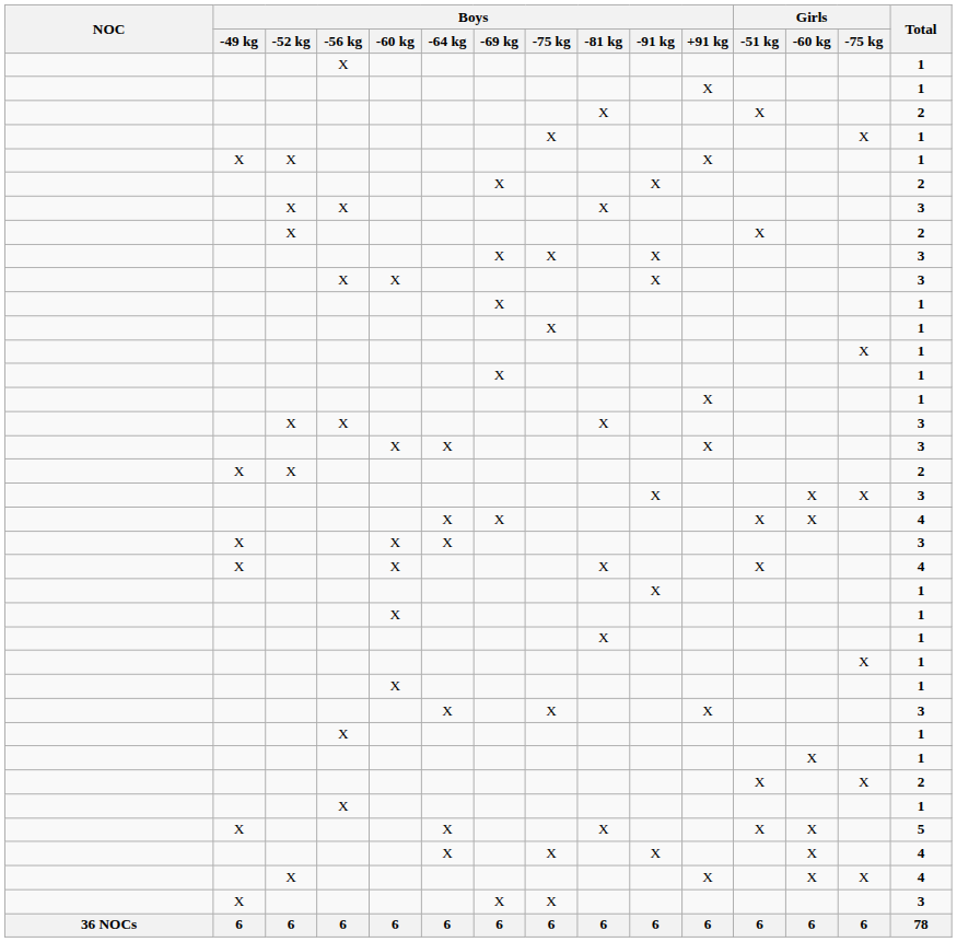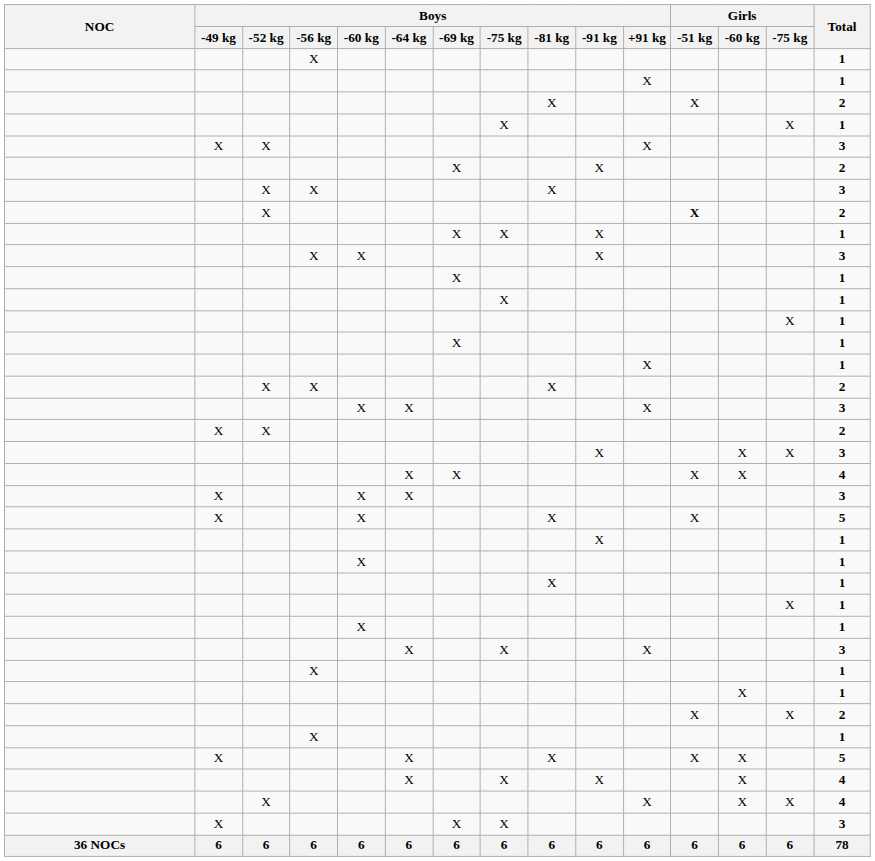 <table class="wikitable" style="text-align:center; font-size:90%">
 <tr>
 <th rowspan="2" width=200 align="left">NOC</th>
 <th colspan="10">Boys</th>
 <th colspan="3">Girls</th>
 <th width=55 rowspan="2">Total</th>
 </tr>
 <tr>
 <th width=45>-49 kg</th>
 <th width=45>-52 kg</th>
 <th width=45>-56 kg</th>
 <th width=45>-60 kg</th>
 <th width=45>-64 kg</th>
 <th width=45>-69 kg</th>
 <th width=45>-75 kg</th>
 <th width=45>-81 kg</th>
 <th width=45>-91 kg</th>
 <th width=45>+91 kg</th>
 <th width=45>-51 kg</th>
 <th width=45>-60 kg</th>
 <th width=45>-75 kg</th>
 </tr>
 <tr>
 <td align="left"></td>
 <td></td>
 <td></td>
 <td>X</td>
 <td></td>
 <td></td>
 <td></td>
 <td></td>
 <td></td>
 <td></td>
 <td></td>
 <td></td>
 <td></td>
 <td></td>
 <td><strong>1</strong></td>
 </tr>
 <tr>
 <td align="left"></td>
 <td></td>
 <td></td>
 <td></td>
 <td></td>
 <td></td>
 <td></td>
 <td></td>
 <td></td>
 <td></td>
 <td>X</td>
 <td></td>
 <td></td>
 <td></td>
 <td><strong>1</strong></td>
 </tr>
 <tr>
 <td align="left"></td>
 <td></td>
 <td></td>
 <td></td>
 <td></td>
 <td></td>
 <td></td>
 <td></td>
 <td>X</td>
 <td></td>
 <td></td>
 <td>X</td>
 <td></td>
 <td></td>
 <td><strong>2</strong></td>
 </tr>
 <tr>
 <td align="left"></td>
 <td></td>
 <td></td>
 <td></td>
 <td></td>
 <td></td>
 <td></td>
 <td>X</td>
 <td></td>
 <td></td>
 <td></td>
 <td></td>
 <td></td>
 <td>X</td>
 <td><strong>1</strong></td>
 </tr>
 <tr>
 <td align="left"></td>
 <td>X</td>
 <td>X</td>
 <td></td>
 <td></td>
 <td></td>
 <td></td>
 <td></td>
 <td></td>
 <td></td>
 <td>X</td>
 <td></td>
 <td></td>
 <td></td>
-<td><strong>1</strong></td>
+<td><strong>3</strong></td>
 </tr>
 <tr>
 <td align="left"></td>
 <td></td>
 <td></td>
 <td></td>
 <td></td>
 <td></td>
 <td>X</td>
 <td></td>
 <td></td>
 <td>X</td>
 <td></td>
 <td></td>
 <td></td>
 <td></td>
 <td><strong>2</strong></td>
 </tr>
 <tr>
 <td align="left"></td>
 <td></td>
 <td>X</td>
 <td>X</td>
 <td></td>
 <td></td>
 <td></td>
 <td></td>
 <td>X</td>
 <td></td>
 <td></td>
 <td></td>
 <td></td>
 <td></td>
 <td><strong>3</strong></td>
 </tr>
 <tr>
 <td align="left"></td>
 <td></td>
 <td>X</td>
 <td></td>
 <td></td>
 <td></td>
 <td></td>
 <td></td>
 <td></td>
 <td></td>
 <td></td>
-<td>X</td>
+<td><strong>X</strong></td>
 <td></td>
 <td></td>
 <td><strong>2</strong></td>
 </tr>
 <tr>
 <td align="left"></td>
 <td></td>
 <td></td>
 <td></td>
 <td></td>
 <td></td>
 <td>X</td>
 <td>X</td>
 <td></td>
 <td>X</td>
 <td></td>
 <td></td>
 <td></td>
 <td></td>
-<td><strong>3</strong></td>
+<td><strong>1</strong></td>
 </tr>
 <tr>
 <td align="left"></td>
 <td></td>
 <td></td>
 <td>X</td>
 <td>X</td>
 <td></td>
 <td></td>
 <td></td>
 <td></td>
 <td>X</td>
 <td></td>
 <td></td>
 <td></td>
 <td></td>
 <td><strong>3</strong></td>
 </tr>
 <tr>
 <td align="left"></td>
 <td></td>
 <td></td>
 <td></td>
 <td></td>
 <td></td>
 <td>X</td>
 <td></td>
 <td></td>
 <td></td>
 <td></td>
 <td></td>
 <td></td>
 <td></td>
 <td><strong>1</strong></td>
 </tr>
 <tr>
 <td align="left"></td>
 <td></td>
 <td></td>
 <td></td>
 <td></td>
 <td></td>
 <td></td>
 <td>X</td>
 <td></td>
 <td></td>
 <td></td>
 <td></td>
 <td></td>
 <td></td>
 <td><strong>1</strong></td>
 </tr>
 <tr>
 <td align="left"></td>
 <td></td>
 <td></td>
 <td></td>
 <td></td>
 <td></td>
 <td></td>
 <td></td>
 <td></td>
 <td></td>
 <td></td>
 <td></td>
 <td></td>
 <td>X</td>
 <td><strong>1</strong></td>
 </tr>
 <tr>
 <td align="left"></td>
 <td></td>
 <td></td>
 <td></td>
 <td></td>
 <td></td>
 <td>X</td>
 <td></td>
 <td></td>
 <td></td>
 <td></td>
 <td></td>
 <td></td>
 <td></td>
 <td><strong>1</strong></td>
 </tr>
 <tr>
 <td align="left"></td>
 <td></td>
 <td></td>
 <td></td>
 <td></td>
 <td></td>
 <td></td>
 <td></td>
 <td></td>
 <td></td>
 <td>X</td>
 <td></td>
 <td></td>
 <td></td>
 <td><strong>1</strong></td>
 </tr>
 <tr>
 <td align="left"></td>
 <td></td>
 <td>X</td>
 <td>X</td>
 <td></td>
 <td></td>
 <td></td>
 <td></td>
 <td>X</td>
 <td></td>
 <td></td>
 <td></td>
 <td></td>
 <td></td>
-<td><strong>3</strong></td>
+<td><strong>2</strong></td>
 </tr>
 <tr>
 <td align="left"></td>
 <td></td>
 <td></td>
 <td></td>
 <td>X</td>
 <td>X</td>
 <td></td>
 <td></td>
 <td></td>
 <td></td>
 <td>X</td>
 <td></td>
 <td></td>
 <td></td>
 <td><strong>3</strong></td>
 </tr>
 <tr>
 <td align="left"></td>
 <td>X</td>
 <td>X</td>
 <td></td>
 <td></td>
 <td></td>
 <td></td>
 <td></td>
 <td></td>
 <td></td>
 <td></td>
 <td></td>
 <td></td>
 <td></td>
 <td><strong>2</strong></td>
 </tr>
 <tr>
 <td align="left"></td>
 <td></td>
 <td></td>
 <td></td>
 <td></td>
 <td></td>
 <td></td>
 <td></td>
 <td></td>
 <td>X</td>
 <td></td>
 <td></td>
 <td>X</td>
 <td>X</td>
 <td><strong>3</strong></td>
 </tr>
 <tr>
 <td align="left"></td>
 <td></td>
 <td></td>
 <td></td>
 <td></td>
 <td>X</td>
 <td>X</td>
 <td></td>
 <td></td>
 <td></td>
 <td></td>
 <td>X</td>
 <td>X</td>
 <td></td>
 <td><strong>4</strong></td>
 </tr>
 <tr>
 <td align="left"></td>
 <td>X</td>
 <td></td>
 <td></td>
 <td>X</td>
 <td>X</td>
 <td></td>
 <td></td>
 <td></td>
 <td></td>
 <td></td>
 <td></td>
 <td></td>
 <td></td>
 <td><strong>3</strong></td>
 </tr>
 <tr>
 <td align="left"></td>
 <td>X</td>
 <td></td>
 <td></td>
 <td>X</td>
 <td></td>
 <td></td>
 <td></td>
 <td>X</td>
 <td></td>
 <td></td>
 <td>X</td>
 <td></td>
 <td></td>
-<td><strong>4</strong></td>
+<td><strong>5</strong></td>
 </tr>
 <tr>
 <td align="left"></td>
 <td></td>
 <td></td>
 <td></td>
 <td></td>
 <td></td>
 <td></td>
 <td></td>
 <td></td>
 <td>X</td>
 <td></td>
 <td></td>
 <td></td>
 <td></td>
 <td><strong>1</strong></td>
 </tr>
 <tr>
 <td align="left"></td>
 <td></td>
 <td></td>
 <td></td>
 <td>X</td>
 <td></td>
 <td></td>
 <td></td>
 <td></td>
 <td></td>
 <td></td>
 <td></td>
 <td></td>
 <td></td>
 <td><strong>1</strong></td>
 </tr>
 <tr>
 <td align="left"></td>
 <td></td>
 <td></td>
 <td></td>
 <td></td>
 <td></td>
 <td></td>
 <td></td>
 <td>X</td>
 <td></td>
 <td></td>
 <td></td>
 <td></td>
 <td></td>
 <td><strong>1</strong></td>
 </tr>
 <tr>
 <td align="left"></td>
 <td></td>
 <td></td>
 <td></td>
 <td></td>
 <td></td>
 <td></td>
 <td></td>
 <td></td>
 <td></td>
 <td></td>
 <td></td>
 <td></td>
 <td>X</td>
 <td><strong>1</strong></td>
 </tr>
 <tr>
 <td align="left"></td>
 <td></td>
 <td></td>
 <td></td>
 <td>X</td>
 <td></td>
 <td></td>
 <td></td>
 <td></td>
 <td></td>
 <td></td>
 <td></td>
 <td></td>
 <td></td>
 <td><strong>1</strong></td>
 </tr>
 <tr>
 <td align="left"></td>
 <td></td>
 <td></td>
 <td></td>
 <td></td>
 <td>X</td>
 <td></td>
 <td>X</td>
 <td></td>
 <td></td>
 <td>X</td>
 <td></td>
 <td></td>
 <td></td>
 <td><strong>3</strong></td>
 </tr>
 <tr>
 <td align="left"></td>
 <td></td>
 <td></td>
 <td>X</td>
 <td></td>
 <td></td>
 <td></td>
 <td></td>
 <td></td>
 <td></td>
 <td></td>
 <td></td>
 <td></td>
 <td></td>
 <td><strong>1</strong></td>
 </tr>
 <tr>
 <td align="left"></td>
 <td></td>
 <td></td>
 <td></td>
 <td></td>
 <td></td>
 <td></td>
 <td></td>
 <td></td>
 <td></td>
 <td></td>
 <td></td>
 <td>X</td>
 <td></td>
 <td><strong>1</strong></td>
 </tr>
 <tr>
 <td align="left"></td>
 <td></td>
 <td></td>
 <td></td>
 <td></td>
 <td></td>
 <td></td>
 <td></td>
 <td></td>
 <td></td>
 <td></td>
 <td>X</td>
 <td></td>
 <td>X</td>
 <td><strong>2</strong></td>
 </tr>
 <tr>
 <td align="left"></td>
 <td></td>
 <td></td>
 <td>X</td>
 <td></td>
 <td></td>
 <td></td>
 <td></td>
 <td></td>
 <td></td>
 <td></td>
 <td></td>
 <td></td>
 <td></td>
 <td><strong>1</strong></td>
 </tr>
 <tr>
 <td align="left"></td>
 <td>X</td>
 <td></td>
 <td></td>
 <td></td>
 <td>X</td>
 <td></td>
 <td></td>
 <td>X</td>
 <td></td>
 <td></td>
 <td>X</td>
 <td>X</td>
 <td></td>
 <td><strong>5</strong></td>
 </tr>
 <tr>
 <td align="left"></td>
 <td></td>
 <td></td>
 <td></td>
 <td></td>
 <td>X</td>
 <td></td>
 <td>X</td>
 <td></td>
 <td>X</td>
 <td></td>
 <td></td>
 <td>X</td>
 <td></td>
 <td><strong>4</strong></td>
 </tr>
 <tr>
 <td align="left"></td>
 <td></td>
 <td>X</td>
 <td></td>
 <td></td>
 <td></td>
 <td></td>
 <td></td>
 <td></td>
 <td></td>
 <td>X</td>
 <td></td>
 <td>X</td>
 <td>X</td>
 <td><strong>4</strong></td>
 </tr>
 <tr>
 <td align="left"></td>
 <td>X</td>
 <td></td>
 <td></td>
 <td></td>
 <td></td>
 <td>X</td>
 <td>X</td>
 <td></td>
 <td></td>
 <td></td>
 <td></td>
 <td></td>
 <td></td>
 <td><strong>3</strong></td>
 </tr>
 <tr>
 <th>36 NOCs</th>
 <th>6</th>
 <th>6</th>
 <th>6</th>
 <th>6</th>
 <th>6</th>
 <th>6</th>
 <th>6</th>
 <th>6</th>
 <th>6</th>
 <th>6</th>
 <th>6</th>
 <th>6</th>
 <th>6</th>
 <th>78</th>
 </tr>
 </table>
